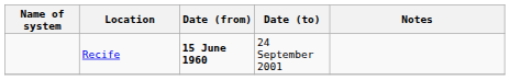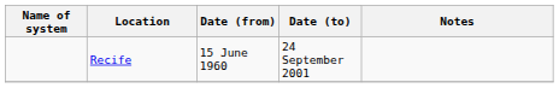 <table class="wikitable" width=100%>
 <tr>
 <th width=15%>Name of system</th>
 <th width=20%>Location</th>
 <th width=15%>Date (from)</th>
 <th width=15%>Date (to)</th>
 <th width=35%>Notes</th>
 </tr>
 <tr>
 <td> </td>
 <td><a href='#'>Recife</a></td>
-<td><strong>15 June 1960</strong></td>
+<td>15 June 1960</td>
 <td>24 September 2001 </td>
 <td> </td>
 </tr>
 <tr>
 </tr>
 </table>
